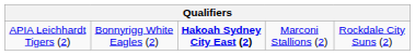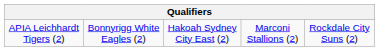 <table class="wikitable" style="text-align:center">
 <tr>
 <th colspan=5>Qualifiers</th>
 </tr>
 <tr>
 <td><a href='#'>APIA Leichhardt Tigers</a> (<a href='#'>2</a>)</td>
 <td><a href='#'>Bonnyrigg White Eagles</a> (<a href='#'>2</a>)</td>
-<td><strong><a href='#'>Hakoah Sydney City East</a> (<a href='#'>2</a>)</strong></td>
+<td><a href='#'>Hakoah Sydney City East</a> (<a href='#'>2</a>)</td>
 <td><a href='#'>Marconi Stallions</a> (<a href='#'>2</a>)</td>
 <td><a href='#'>Rockdale City Suns</a> (<a href='#'>2</a>)</td>
 </tr>
 </table>
